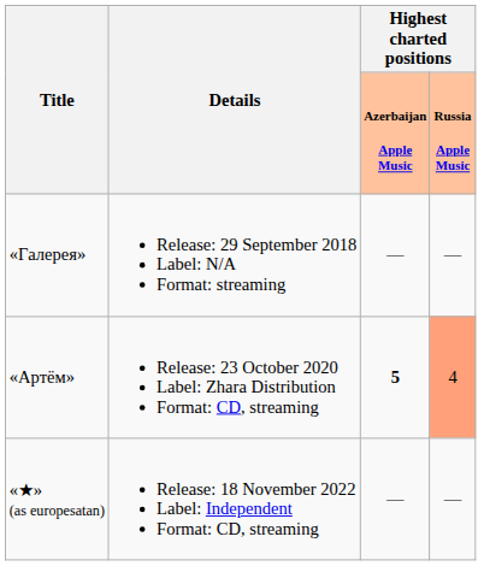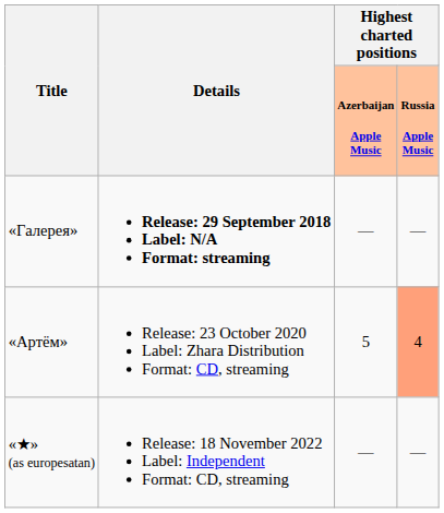 <table class="wikitable" style="text-align:center">
 <tr>
 <th rowspan="2" style="background-color:">Title</th>
 <th rowspan="2" style="background-color:">Details</th>
 <th colspan="2" style="background-color:">Highest charted positions</th>
 </tr>
 <tr>
 <th style="width:3em;font-size:75%;background-color:#FFC29C"><br><br>Azerbaijan<br><br><a href='#'>Apple Music</a><br><br></th>
 <th style="width:3em;font-size:75%;background-color:#FFC29C"><br><br>Russia<br><br><a href='#'>Apple Music</a><br><br></th>
 </tr>
 <tr>
 <td align="left">«Галерея»</td>
-<td align="left"><br><ul><li>Release: 29 September 2018</li><li>Label: N/A</li><li>Format: streaming</li></ul></td>
+<td align="left"><strong><br><ul><li>Release: 29 September 2018</li><li>Label: N/A</li><li>Format: streaming</li></ul></strong></td>
 <td>—</td>
 <td>—</td>
 </tr>
 <tr>
 <td align="left">«Артём»</td>
 <td align="left"><br><ul><li>Release: 23 October 2020</li><li>Label: Zhara Distribution</li><li>Format: <a href='#'>CD</a>, streaming</li></ul></td>
-<td><strong>5</strong></td>
+<td>5</td>
 <td style="background: lightsalmon;">4</td>
 </tr>
 <tr>
 <td align="left">«★»<br><small>(as europesatan)</small></td>
 <td align="left"><br><ul><li>Release: 18 November 2022</li><li>Label: <a href='#'>Independent</a></li><li>Format: CD, streaming</li></ul></td>
 <td>—</td>
 <td>—</td>
 </tr>
 </table>
